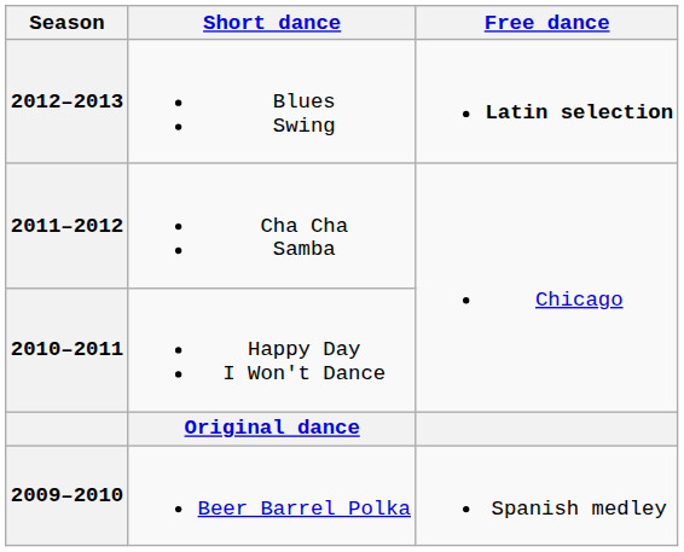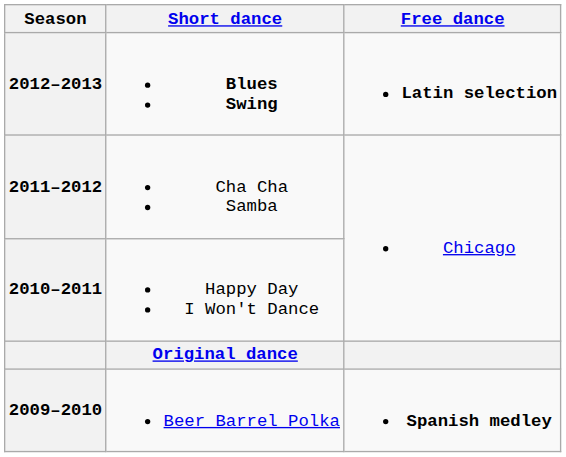 <table class=wikitable style=text-align:center>
 <tr>
 <th>Season</th>
 <th><a href='#'>Short dance</a></th>
 <th><a href='#'>Free dance</a></th>
 </tr>
 <tr>
 <th>2012–2013 <br> </th>
-<td><br><ul><li>Blues <br></li><li>Swing <br></li></ul></td>
+<td><strong><br><ul><li>Blues <br></li><li>Swing <br></li></ul></strong></td>
 <td><strong><br><ul><li>Latin selection <br></li></ul></strong></td>
 </tr>
 <tr>
 <th>2011–2012 <br> </th>
 <td><br><ul><li>Cha Cha</li><li>Samba</li></ul></td>
 <td rowspan=2><br><ul><li><a href='#'>Chicago</a> <br></li></ul></td>
 </tr>
 <tr>
 <th>2010–2011 <br> </th>
 <td><br><ul><li> Happy Day</li><li> I Won't Dance</li></ul></td>
 </tr>
 <tr>
 <th></th>
 <th><a href='#'>Original dance</a></th>
 <th></th>
 </tr>
 <tr>
 <th>2009–2010 <br> </th>
 <td><br><ul><li> <a href='#'>Beer Barrel Polka</a> <br></li></ul></td>
-<td><br><ul><li>Spanish medley</li></ul></td>
+<td><strong><br><ul><li>Spanish medley</li></ul></strong></td>
 </tr>
 </table>
